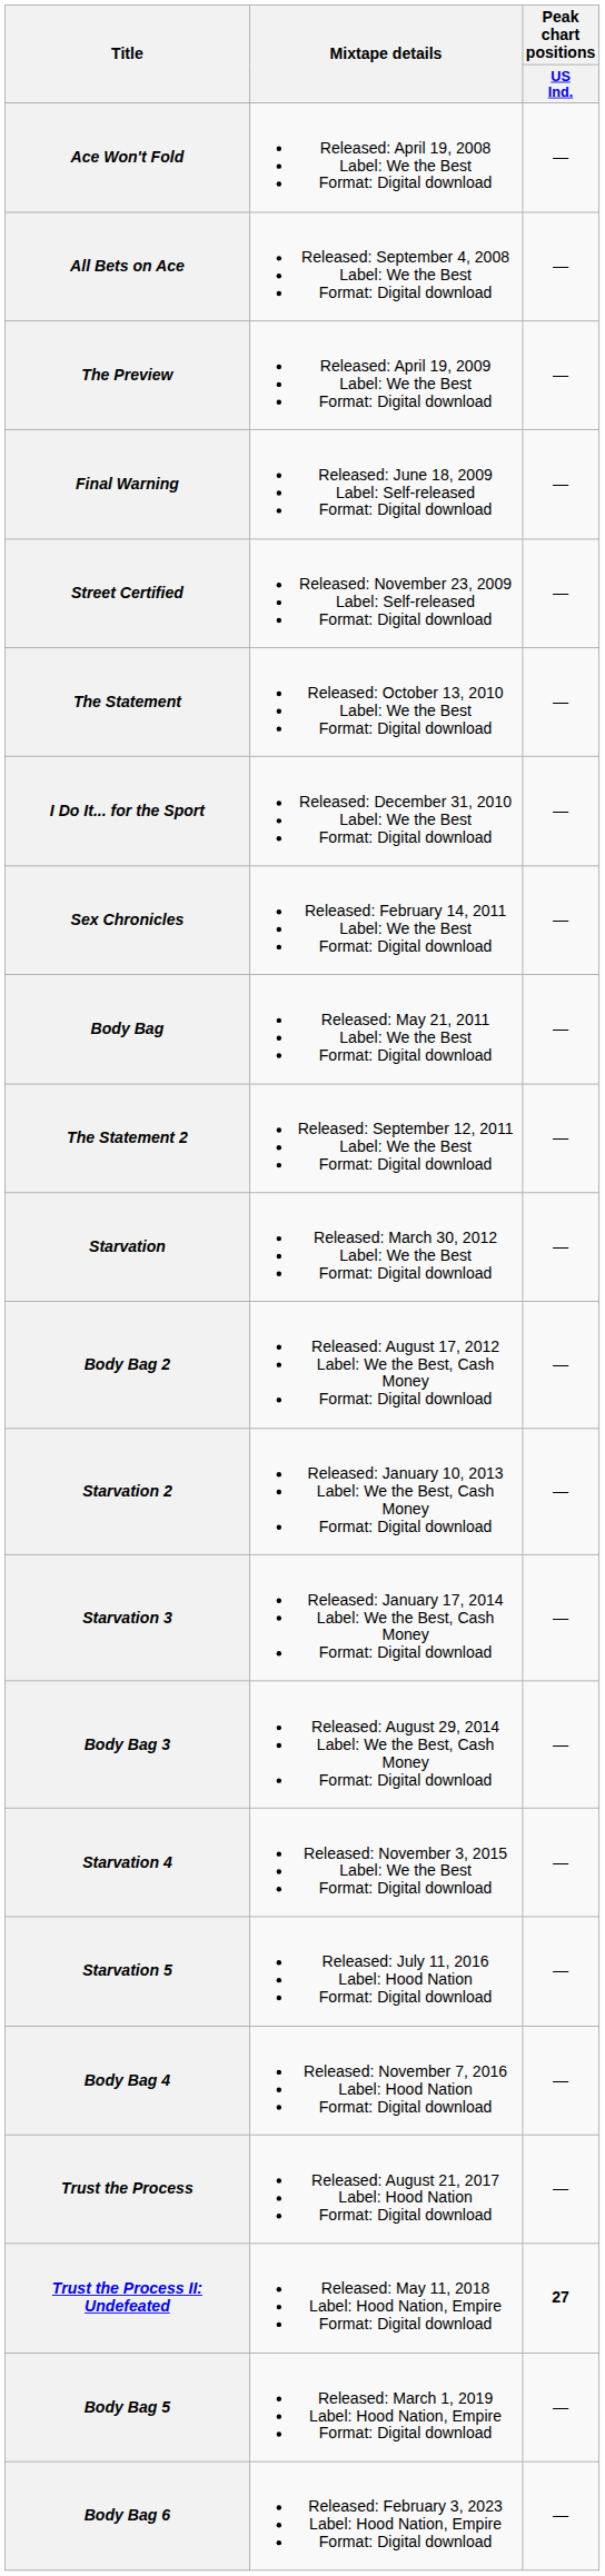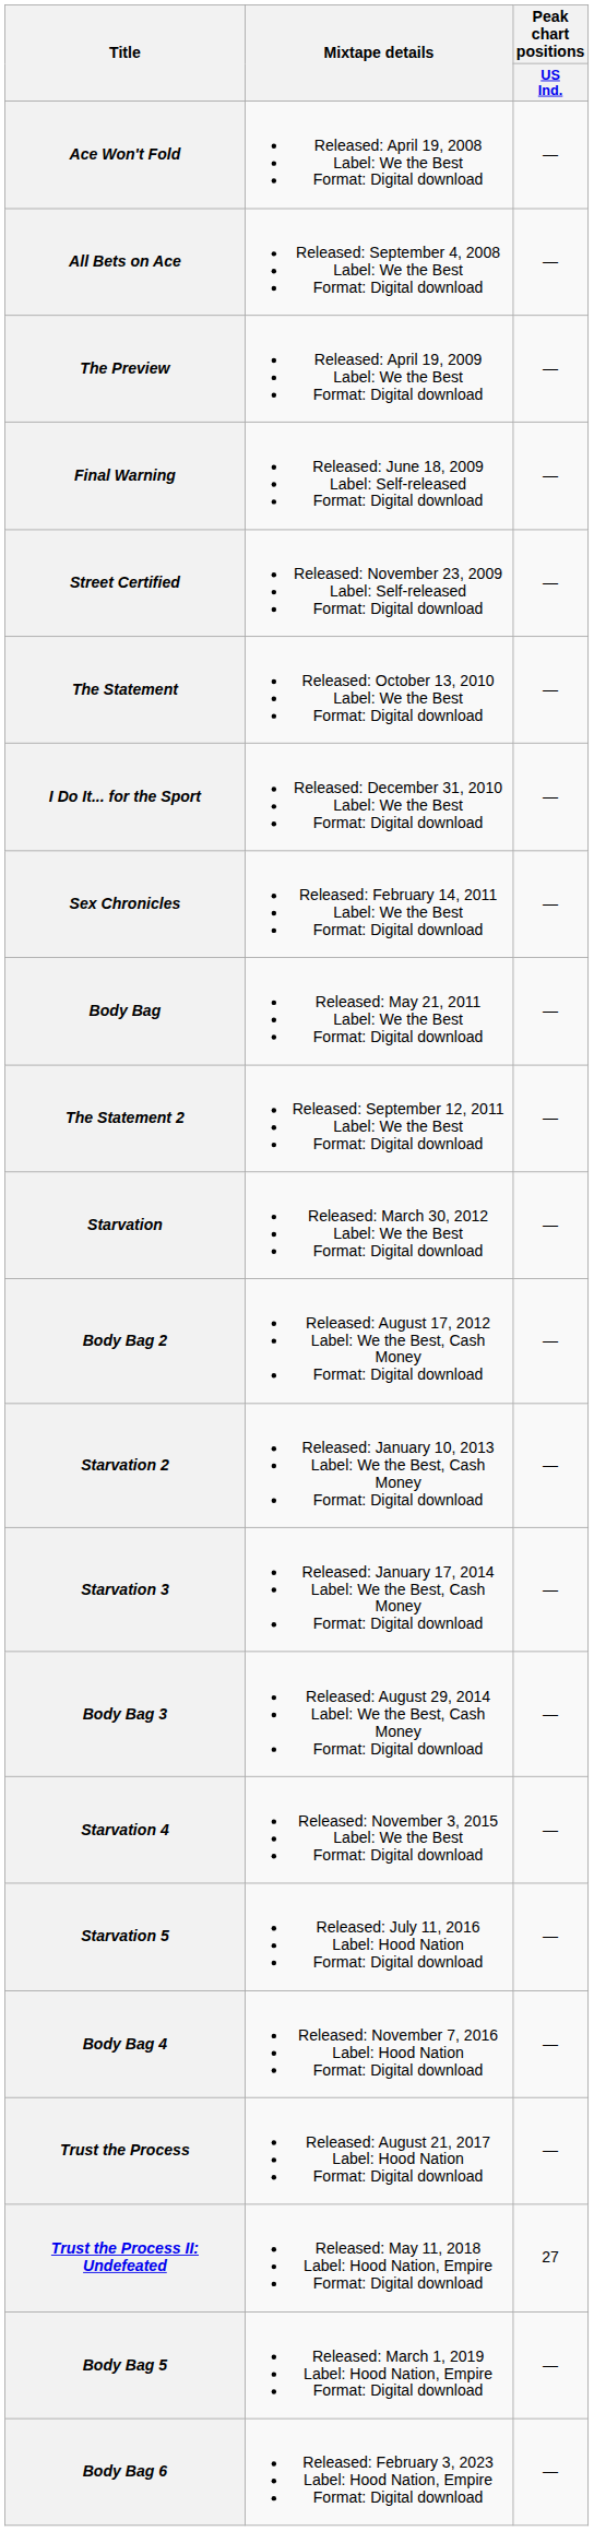 <table class="wikitable plainrowheaders" style="text-align:center;">
 <tr>
 <th rowspan="2">Title</th>
 <th rowspan="2">Mixtape details</th>
 <th>Peak chart positions</th>
 </tr>
 <tr>
 <th scope="col" style="width:3em;font-size:90%;"><a href='#'>US<br>Ind.</a><br></th>
 </tr>
 <tr>
 <th scope="row"><em>Ace Won't Fold</em></th>
 <td><br><ul><li>Released: April 19, 2008</li><li>Label: We the Best</li><li>Format: Digital download</li></ul></td>
 <td>—</td>
 </tr>
 <tr>
 <th scope="row"><em>All Bets on Ace</em></th>
 <td><br><ul><li>Released: September 4, 2008</li><li>Label: We the Best</li><li>Format: Digital download</li></ul></td>
 <td>—</td>
 </tr>
 <tr>
 <th scope="row"><em>The Preview</em></th>
 <td><br><ul><li>Released: April 19, 2009</li><li>Label: We the Best</li><li>Format: Digital download</li></ul></td>
 <td>—</td>
 </tr>
 <tr>
 <th scope="row"><em>Final Warning</em></th>
 <td><br><ul><li>Released: June 18, 2009</li><li>Label: Self-released</li><li>Format: Digital download</li></ul></td>
 <td>—</td>
 </tr>
 <tr>
 <th scope="row"><em>Street Certified</em></th>
 <td><br><ul><li>Released: November 23, 2009</li><li>Label: Self-released</li><li>Format: Digital download</li></ul></td>
 <td>—</td>
 </tr>
 <tr>
 <th scope="row"><em>The Statement</em></th>
 <td><br><ul><li>Released: October 13, 2010</li><li>Label: We the Best</li><li>Format: Digital download</li></ul></td>
 <td>—</td>
 </tr>
 <tr>
 <th scope="row"><em>I Do It... for the Sport</em></th>
 <td><br><ul><li>Released: December 31, 2010</li><li>Label: We the Best</li><li>Format: Digital download</li></ul></td>
 <td>—</td>
 </tr>
 <tr>
 <th scope="row"><em>Sex Chronicles</em></th>
 <td><br><ul><li>Released: February 14, 2011</li><li>Label: We the Best</li><li>Format: Digital download</li></ul></td>
 <td>—</td>
 </tr>
 <tr>
 <th scope="row"><em>Body Bag </em></th>
 <td><br><ul><li>Released: May 21, 2011</li><li>Label: We the Best</li><li>Format: Digital download</li></ul></td>
 <td>—</td>
 </tr>
 <tr>
 <th scope="row"><em>The Statement 2</em></th>
 <td><br><ul><li>Released: September 12, 2011</li><li>Label: We the Best</li><li>Format: Digital download</li></ul></td>
 <td>—</td>
 </tr>
 <tr>
 <th scope="row"><em>Starvation</em></th>
 <td><br><ul><li>Released: March 30, 2012</li><li>Label: We the Best</li><li>Format: Digital download</li></ul></td>
 <td>—</td>
 </tr>
 <tr>
 <th scope="row"><em>Body Bag 2</em></th>
 <td><br><ul><li>Released: August 17, 2012</li><li>Label: We the Best, Cash Money</li><li>Format: Digital download</li></ul></td>
 <td>—</td>
 </tr>
 <tr>
 <th scope="row"><em>Starvation 2</em></th>
 <td><br><ul><li>Released: January 10, 2013</li><li>Label: We the Best, Cash Money</li><li>Format: Digital download</li></ul></td>
 <td>—</td>
 </tr>
 <tr>
 <th scope="row"><em>Starvation 3</em></th>
 <td><br><ul><li>Released: January 17, 2014</li><li>Label: We the Best, Cash Money</li><li>Format: Digital download</li></ul></td>
 <td>—</td>
 </tr>
 <tr>
 <th scope="row"><em>Body Bag 3</em></th>
 <td><br><ul><li>Released: August 29, 2014</li><li>Label: We the Best, Cash Money</li><li>Format: Digital download</li></ul></td>
 <td>—</td>
 </tr>
 <tr>
 <th scope="row"><em>Starvation 4</em></th>
 <td><br><ul><li>Released: November 3, 2015</li><li>Label: We the Best</li><li>Format: Digital download</li></ul></td>
 <td>—</td>
 </tr>
 <tr>
 <th scope="row"><em>Starvation 5</em></th>
 <td><br><ul><li>Released: July 11, 2016</li><li>Label: Hood Nation</li><li>Format: Digital download</li></ul></td>
 <td>—</td>
 </tr>
 <tr>
 <th scope="row"><em>Body Bag 4</em></th>
 <td><br><ul><li>Released: November 7, 2016</li><li>Label: Hood Nation</li><li>Format: Digital download</li></ul></td>
 <td>—</td>
 </tr>
 <tr>
 <th scope="row"><em>Trust the Process</em></th>
 <td><br><ul><li>Released: August 21, 2017</li><li>Label: Hood Nation</li><li>Format: Digital download</li></ul></td>
 <td>—</td>
 </tr>
 <tr>
 <th scope="row"><em><a href='#'>Trust the Process II: Undefeated</a></em></th>
 <td><br><ul><li>Released: May 11, 2018</li><li>Label: Hood Nation, Empire</li><li>Format: Digital download</li></ul></td>
-<td><strong>27</strong></td>
+<td>27</td>
 </tr>
 <tr>
 <th scope="row"><em>Body Bag 5</em></th>
 <td><br><ul><li>Released: March 1, 2019</li><li>Label: Hood Nation, Empire</li><li>Format: Digital download</li></ul></td>
 <td>—</td>
 </tr>
 <tr>
 <th scope="row"><em>Body Bag 6</em></th>
 <td><br><ul><li>Released: February 3, 2023</li><li>Label: Hood Nation, Empire</li><li>Format: Digital download</li></ul></td>
 <td>—</td>
 </tr>
 </table>
